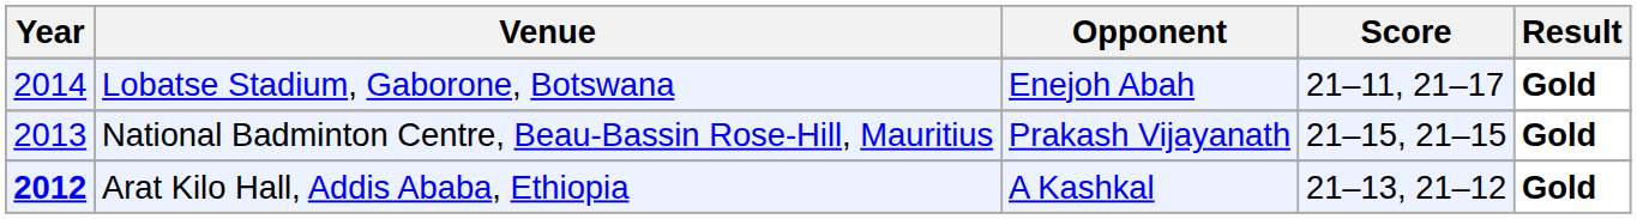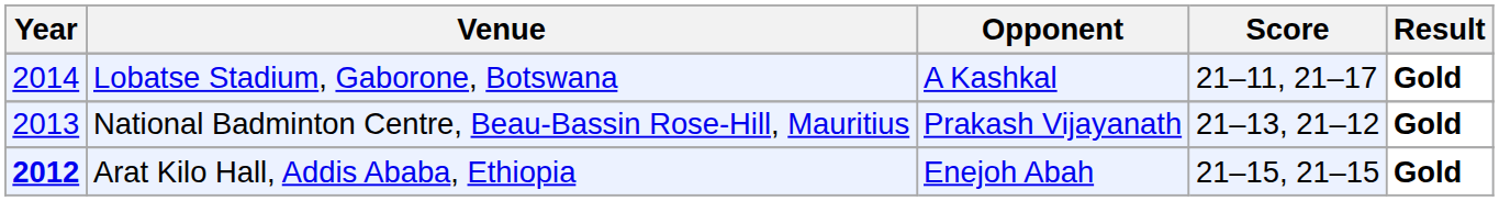 <table class="sortable wikitable" style="font-size: 90%;">
 <tr>
 <th>Year</th>
 <th>Venue</th>
 <th>Opponent</th>
 <th>Score</th>
 <th>Result</th>
 </tr>
 <tr>
 </tr>
 <tr style="background:#ECF2FF">
 <td align="center"><a href='#'>2014</a></td>
 <td align="left"><a href='#'>Lobatse Stadium</a>, <a href='#'>Gaborone</a>, <a href='#'>Botswana</a></td>
-<td align="left"> <a href='#'>Enejoh Abah</a></td>
+<td align="left"> <a href='#'>A Kashkal</a></td>
 <td align="left">21–11, 21–17</td>
 <td style="text-align:left; background:white"> <strong>Gold</strong></td>
 </tr>
 <tr>
 </tr>
 <tr style="background:#ECF2FF">
 <td align="center"><a href='#'>2013</a></td>
 <td align="left">National Badminton Centre, <a href='#'>Beau-Bassin Rose-Hill</a>, <a href='#'>Mauritius</a></td>
 <td align="left"> <a href='#'>Prakash Vijayanath</a></td>
-<td align="left">21–15, 21–15</td>
+<td align="left">21–13, 21–12</td>
 <td style="text-align:left; background:white"> <strong>Gold</strong></td>
 </tr>
 <tr>
 </tr>
 <tr style="background:#ECF2FF">
 <td align="center"><strong><a href='#'>2012</a></strong></td>
 <td align="left">Arat Kilo Hall, <a href='#'>Addis Ababa</a>, <a href='#'>Ethiopia</a></td>
-<td align="left"> <a href='#'>A Kashkal</a></td>
-<td align="left">21–13, 21–12</td>
+<td align="left"> <a href='#'>Enejoh Abah</a></td>
+<td align="left">21–15, 21–15</td>
 <td style="text-align:left; background:white"> <strong>Gold</strong></td>
 </tr>
 </table>
